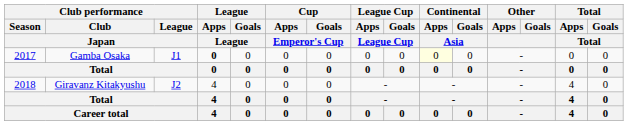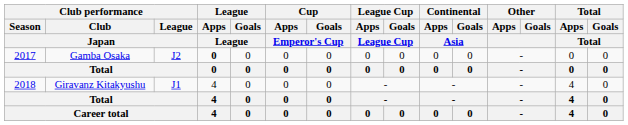 <table class="wikitable" style="text-align:center; line-height:90%; font-size:95%; width:70%;">
 <tr>
 <th colspan=3>Club performance</th>
 <th colspan=2>League</th>
 <th colspan=2>Cup</th>
 <th colspan=2>League Cup</th>
 <th colspan=2>Continental</th>
 <th colspan=2>Other</th>
 <th colspan=2>Total</th>
 </tr>
 <tr>
 <th>Season</th>
 <th>Club</th>
 <th>League</th>
 <th>Apps</th>
 <th>Goals</th>
 <th>Apps</th>
 <th>Goals</th>
 <th>Apps</th>
 <th>Goals</th>
 <th>Apps</th>
 <th>Goals</th>
 <th>Apps</th>
 <th>Goals</th>
 <th>Apps</th>
 <th>Goals</th>
 </tr>
 <tr>
 <th colspan=3>Japan</th>
 <th colspan=2>League</th>
 <th colspan=2><a href='#'>Emperor's Cup</a></th>
 <th colspan=2><a href='#'>League Cup</a></th>
 <th colspan=2><a href='#'>Asia</a></th>
 <th colspan=2></th>
 <th colspan=2>Total</th>
 </tr>
 <tr>
 <td><a href='#'>2017</a></td>
 <td rowspan="1"><a href='#'>Gamba Osaka</a></td>
-<td rowspan="1"><a href='#'>J1</a></td>
+<td rowspan="1"><a href='#'>J2</a></td>
 <td><strong>0</strong></td>
 <td>0</td>
 <td>0</td>
 <td>0</td>
 <td>0</td>
 <td>0</td>
-<td style="background: lightyellow;">0</td>
+<td>0</td>
 <td>0</td>
 <td colspan="2">-</td>
 <td>0</td>
 <td>0</td>
 </tr>
 <tr>
 <th colspan=3>Total</th>
 <th>0</th>
 <th>0</th>
 <th>0</th>
 <th>0</th>
 <th>0</th>
 <th>0</th>
 <th>0</th>
 <th>0</th>
 <th colspan="2">-</th>
 <th>0</th>
 <th>0</th>
 </tr>
 <tr>
 <td><a href='#'>2018</a></td>
 <td rowspan="1"><a href='#'>Giravanz Kitakyushu</a></td>
-<td rowspan="1"><a href='#'>J2</a></td>
+<td rowspan="1"><a href='#'>J1</a></td>
 <td>4</td>
 <td>0</td>
 <td>0</td>
 <td>0</td>
 <td colspan="2">-</td>
 <td colspan="2">-</td>
 <td colspan="2">-</td>
 <td>4</td>
 <td>0</td>
 </tr>
 <tr>
 <th colspan=3>Total</th>
 <th>4</th>
 <th>0</th>
 <th>0</th>
 <th>0</th>
 <th colspan="2">-</th>
 <th colspan="2">-</th>
 <th colspan="2">-</th>
 <th>4</th>
 <th>0</th>
 </tr>
 <tr>
 <th colspan=3>Career total</th>
 <th>4</th>
 <th>0</th>
 <th>0</th>
 <th>0</th>
 <th>0</th>
 <th>0</th>
 <th>0</th>
 <th>0</th>
 <th colspan="2">-</th>
 <th>4</th>
 <th>0</th>
 </tr>
 </table>
